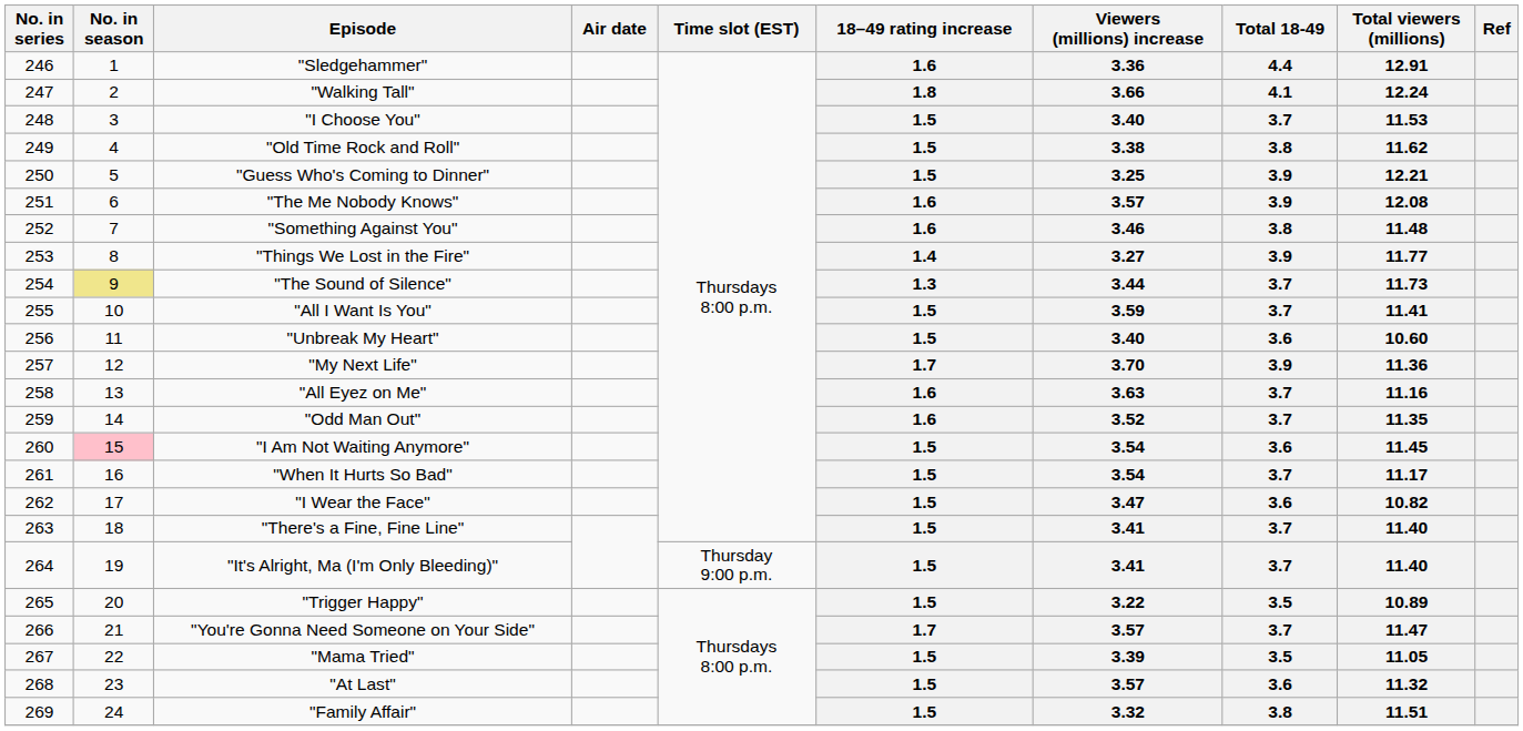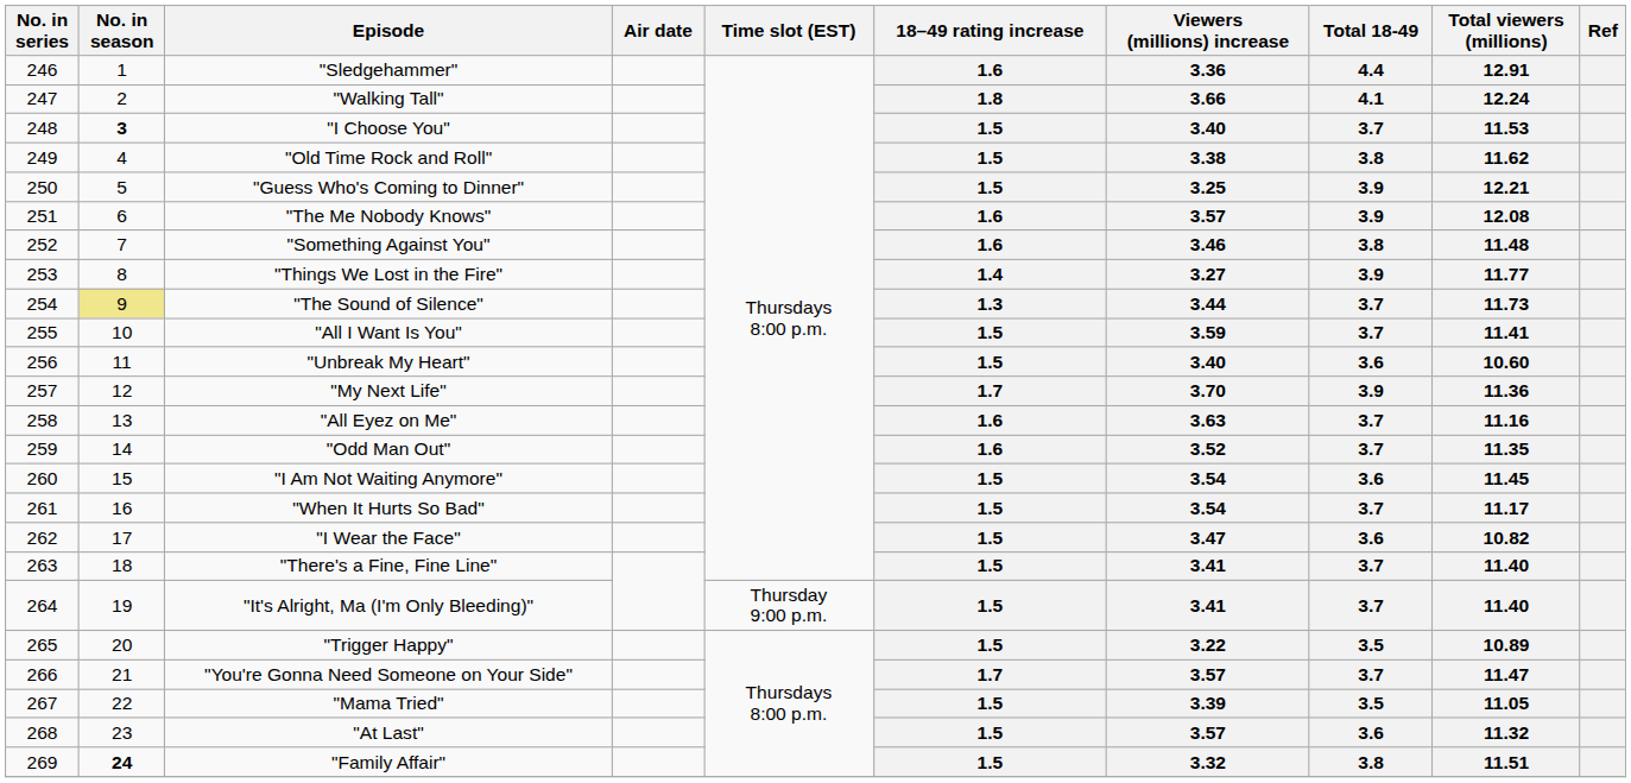 <table class="wikitable" style="font-size:90%; text-align:center; width: 100%; margin-left: auto; margin-right: auto;">
 <tr>
 <th>No. in<br>series</th>
 <th>No. in<br>season</th>
 <th>Episode</th>
 <th>Air date</th>
 <th>Time slot (EST)</th>
 <th>18–49 rating increase</th>
 <th>Viewers<br>(millions) increase</th>
 <th>Total 18-49</th>
 <th>Total viewers<br>(millions)</th>
 <th>Ref</th>
 </tr>
 <tr>
 <td style="text-align:center">246</td>
 <td style="text-align:center">1</td>
 <td>"Sledgehammer"</td>
 <td></td>
 <td style="text-align:center" rowspan=18>Thursdays<br>8:00 p.m.</td>
 <th style="text-align:center">1.6</th>
 <th style="text-align:center">3.36</th>
 <th style="text-align:center">4.4</th>
 <th style="text-align:center">12.91</th>
 <th style="text-align:center"></th>
 </tr>
 <tr>
 <td style="text-align:center">247</td>
 <td style="text-align:center">2</td>
 <td>"Walking Tall"</td>
 <td></td>
 <th style="text-align:center">1.8</th>
 <th style="text-align:center">3.66</th>
 <th style="text-align:center">4.1</th>
 <th style="text-align:center">12.24</th>
 <th style="text-align:center"></th>
 </tr>
 <tr>
 <td style="text-align:center">248</td>
-<td style="text-align:center">3</td>
+<td style="text-align:center"><strong>3</strong></td>
 <td>"I Choose You"</td>
 <td></td>
 <th style="text-align:center">1.5</th>
 <th style="text-align:center">3.40</th>
 <th style="text-align:center">3.7</th>
 <th style="text-align:center">11.53</th>
 <th style="text-align:center"></th>
 </tr>
 <tr>
 <td style="text-align:center">249</td>
 <td style="text-align:center">4</td>
 <td>"Old Time Rock and Roll"</td>
 <td></td>
 <th style="text-align:center">1.5</th>
 <th style="text-align:center">3.38</th>
 <th style="text-align:center">3.8</th>
 <th style="text-align:center">11.62</th>
 <th style="text-align:center"></th>
 </tr>
 <tr>
 <td style="text-align:center">250</td>
 <td style="text-align:center">5</td>
 <td>"Guess Who's Coming to Dinner"</td>
 <td></td>
 <th style="text-align:center">1.5</th>
 <th style="text-align:center">3.25</th>
 <th style="text-align:center">3.9</th>
 <th style="text-align:center">12.21</th>
 <th style="text-align:center"></th>
 </tr>
 <tr>
 <td style="text-align:center">251</td>
 <td style="text-align:center">6</td>
 <td>"The Me Nobody Knows"</td>
 <td></td>
 <th style="text-align:center">1.6</th>
 <th style="text-align:center">3.57</th>
 <th style="text-align:center">3.9</th>
 <th style="text-align:center">12.08</th>
 <th style="text-align:center"></th>
 </tr>
 <tr>
 <td style="text-align:center">252</td>
 <td style="text-align:center">7</td>
 <td>"Something Against You"</td>
 <td></td>
 <th style="text-align:center">1.6</th>
 <th style="text-align:center">3.46</th>
 <th style="text-align:center:">3.8</th>
 <th style="text-align:center:">11.48</th>
 <th style="text-align:center:"></th>
 </tr>
 <tr>
 <td style="text-align:center">253</td>
 <td style="text-align:center">8</td>
 <td>"Things We Lost in the Fire"</td>
 <td></td>
 <th style="text-align:center">1.4</th>
 <th style="text-align:center">3.27</th>
 <th style="text-align:center:">3.9</th>
 <th style="text-align:center:">11.77</th>
 <th style="text-align:center:"></th>
 </tr>
 <tr>
 <td style="text-align:center">254</td>
 <td style="background: khaki; text-align:center">9</td>
 <td>"The Sound of Silence"</td>
 <td></td>
 <th style="text-align:center">1.3</th>
 <th style="text-align:center">3.44</th>
 <th style="text-align:center:">3.7</th>
 <th style="text-align:center:">11.73</th>
 <th style="text-align:center:"></th>
 </tr>
 <tr>
 <td style="text-align:center">255</td>
 <td style="text-align:center">10</td>
 <td>"All I Want Is You"</td>
 <td></td>
 <th style="text-align:center">1.5</th>
 <th style="text-align:center">3.59</th>
 <th style="text-align:center:">3.7</th>
 <th style="text-align:center:">11.41</th>
 <th style="text-align:center:"></th>
 </tr>
 <tr>
 <td style="text-align:center">256</td>
 <td style="text-align:center">11</td>
 <td>"Unbreak My Heart"</td>
 <td></td>
 <th style="text-align:center">1.5</th>
 <th style="text-align:center">3.40</th>
 <th style="text-align:center:">3.6</th>
 <th style="text-align:center:">10.60</th>
 <th style="text-align:center:"></th>
 </tr>
 <tr>
 <td style="text-align:center">257</td>
 <td style="text-align:center">12</td>
 <td>"My Next Life"</td>
 <td></td>
 <th style="text-align:center">1.7</th>
 <th style="text-align:center">3.70</th>
 <th style="text-align:center">3.9</th>
 <th style="text-align:center">11.36</th>
 <th style="text-align:center"></th>
 </tr>
 <tr>
 <td style="text-align:center">258</td>
 <td style="text-align:center">13</td>
 <td>"All Eyez on Me"</td>
 <td></td>
 <th style="text-align:center">1.6</th>
 <th style="text-align:center">3.63</th>
 <th style="text-align:center">3.7</th>
 <th style="text-align:center">11.16</th>
 <th style="text-align:center"></th>
 </tr>
 <tr>
 <td style="text-align:center">259</td>
 <td style="text-align:center">14</td>
 <td>"Odd Man Out"</td>
 <td></td>
 <th style="text-align:center">1.6</th>
 <th style="text-align:center">3.52</th>
 <th style="text-align:center">3.7</th>
 <th style="text-align:center">11.35</th>
 <th style="text-align:center"></th>
 </tr>
 <tr>
 <td style="text-align:center">260</td>
-<td style="background: pink; text-align:center">15</td>
+<td style="text-align:center">15</td>
 <td>"I Am Not Waiting Anymore"</td>
 <td></td>
 <th style="text-align:center">1.5</th>
 <th style="text-align:center">3.54</th>
 <th style="text-align:center">3.6</th>
 <th style="text-align:center">11.45</th>
 <th style="text-align:center"></th>
 </tr>
 <tr>
 <td style="text-align:center">261</td>
 <td style="text-align:center">16</td>
 <td>"When It Hurts So Bad"</td>
 <td></td>
 <th style="text-align:center">1.5</th>
 <th style="text-align:center">3.54</th>
 <th style="text-align:center">3.7</th>
 <th style="text-align:center">11.17</th>
 <th style="text-align:center"></th>
 </tr>
 <tr>
 <td style="text-align:center">262</td>
 <td style="text-align:center">17</td>
 <td>"I Wear the Face"</td>
 <td></td>
 <th style="text-align:center">1.5</th>
 <th style="text-align:center">3.47</th>
 <th style="text-align:center">3.6</th>
 <th style="text-align:center">10.82</th>
 <th style="text-align:center"></th>
 </tr>
 <tr>
 <td style="text-align:center">263</td>
 <td style="text-align:center">18</td>
 <td>"There's a Fine, Fine Line"</td>
 <td rowspan=2></td>
 <th style="text-align:center">1.5</th>
 <th style="text-align:center">3.41</th>
 <th style="text-align:center">3.7</th>
 <th style="text-align:center">11.40</th>
 <th style="text-align:center"></th>
 </tr>
 <tr>
 <td style="text-align:center">264</td>
 <td style="text-align:center">19</td>
 <td>"It's Alright, Ma (I'm Only Bleeding)"</td>
 <td style="text-align:center">Thursday<br>9:00 p.m.</td>
 <th style="text-align:center">1.5</th>
 <th style="text-align:center">3.41</th>
 <th style="text-align:center">3.7</th>
 <th style="text-align:center">11.40</th>
 <th style="text-align:center"></th>
 </tr>
 <tr>
 <td style="text-align:center">265</td>
 <td style="text-align:center">20</td>
 <td>"Trigger Happy"</td>
 <td></td>
 <td style="text-align:center" rowspan=5>Thursdays<br>8:00 p.m.</td>
 <th style="text-align:center">1.5</th>
 <th style="text-align:center">3.22</th>
 <th style="text-align:center">3.5</th>
 <th style="text-align:center">10.89</th>
 <th style="text-align:center"></th>
 </tr>
 <tr>
 <td style="text-align:center">266</td>
 <td style="text-align:center">21</td>
 <td>"You're Gonna Need Someone on Your Side"</td>
 <td></td>
 <th style="text-align:center">1.7</th>
 <th style="text-align:center">3.57</th>
 <th style="text-align:center">3.7</th>
 <th style="text-align:center">11.47</th>
 <th style="text-align:center"></th>
 </tr>
 <tr>
 <td style="text-align:center">267</td>
 <td style="text-align:center">22</td>
 <td>"Mama Tried"</td>
 <td></td>
 <th style="text-align:center">1.5</th>
 <th style="text-align:center">3.39</th>
 <th style="text-align:center">3.5</th>
 <th style="text-align:center">11.05</th>
 <th style="text-align:center"></th>
 </tr>
 <tr>
 <td style="text-align:center">268</td>
 <td style="text-align:center">23</td>
 <td>"At Last"</td>
 <td></td>
 <th style="text-align:center">1.5</th>
 <th style="text-align:center">3.57</th>
 <th style="text-align:center">3.6</th>
 <th style="text-align:center">11.32</th>
 <th style="text-align:center"></th>
 </tr>
 <tr>
 <td style="text-align:center">269</td>
-<td style="text-align:center">24</td>
+<td style="text-align:center"><strong>24</strong></td>
 <td>"Family Affair"</td>
 <td></td>
 <th style="text-align:center">1.5</th>
 <th style="text-align:center">3.32</th>
 <th style="text-align:center">3.8</th>
 <th style="text-align:center">11.51</th>
 <th style="text-align:center"></th>
 </tr>
 <tr>
 </tr>
 </table>
